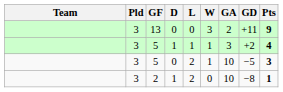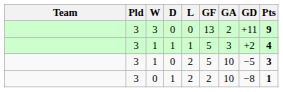 <table class="wikitable" style="text-align:center;">
 <tr>
 <th width=180>Team</th>
 <th width=20>Pld</th>
-<th width=20>GF</th>
+<th width=20>W</th>
 <th width=20>D</th>
 <th width=20>L</th>
-<th width=20>W</th>
+<th width=20>GF</th>
 <th width=20>GA</th>
 <th width=20>GD</th>
 <th width=20>Pts</th>
 </tr>
 <tr bgcolor=ccffcc>
 <td align="left"></td>
 <td>3</td>
-<td>13</td>
+<td>3</td>
 <td>0</td>
 <td>0</td>
-<td>3</td>
+<td>13</td>
 <td>2</td>
 <td>+11</td>
 <td><strong>9</strong></td>
 </tr>
 <tr bgcolor=ccffcc>
 <td align="left"></td>
 <td>3</td>
-<td>5</td>
 <td>1</td>
 <td>1</td>
 <td>1</td>
+<td>5</td>
 <td>3</td>
 <td>+2</td>
 <td><strong>4</strong></td>
 </tr>
 <tr>
 <td align="left"></td>
 <td>3</td>
-<td>5</td>
+<td>1</td>
 <td>0</td>
 <td>2</td>
-<td>1</td>
+<td>5</td>
 <td>10</td>
 <td>−5</td>
 <td><strong>3</strong></td>
 </tr>
 <tr>
 <td align="left"><em></em></td>
 <td>3</td>
-<td>2</td>
+<td>0</td>
 <td>1</td>
 <td>2</td>
-<td>0</td>
+<td>2</td>
 <td>10</td>
 <td>−8</td>
 <td><strong>1</strong></td>
 </tr>
 </table>
